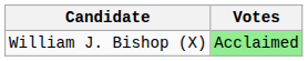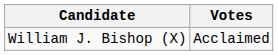 <table class="wikitable">
 <tr>
 <th>Candidate</th>
 <th>Votes</th>
 </tr>
 <tr>
 <td>William J. Bishop (X)</td>
-<td style="background: lightgreen;">Acclaimed</td>
+<td>Acclaimed</td>
 </tr>
 </table>
